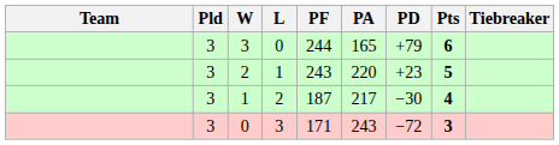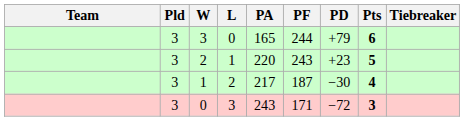 <table class="wikitable" style="text-align:center;">
 <tr>
 <th width=170>Team</th>
 <th width=25>Pld</th>
 <th width=25>W</th>
 <th width=25>L</th>
+<th width=35>PA</th>
 <th width=35>PF</th>
-<th width=35>PA</th>
 <th width=35>PD</th>
 <th width=25>Pts</th>
 <th width=50>Tiebreaker</th>
 </tr>
 <tr bgcolor=ccffcc>
 <td align="left"></td>
 <td>3</td>
 <td>3</td>
 <td>0</td>
+<td>165</td>
 <td>244</td>
-<td>165</td>
 <td>+79</td>
 <td><strong>6</strong></td>
 <td></td>
 </tr>
 <tr bgcolor=ccffcc>
 <td align="left"></td>
 <td>3</td>
 <td>2</td>
 <td>1</td>
+<td>220</td>
 <td>243</td>
-<td>220</td>
 <td>+23</td>
 <td><strong>5</strong></td>
 <td></td>
 </tr>
 <tr bgcolor=ccffcc>
 <td align="left"></td>
 <td>3</td>
 <td>1</td>
 <td>2</td>
+<td>217</td>
 <td>187</td>
-<td>217</td>
 <td>−30</td>
 <td><strong>4</strong></td>
 <td></td>
 </tr>
 <tr bgcolor=ffcccc>
 <td align="left"></td>
 <td>3</td>
 <td>0</td>
 <td>3</td>
+<td>243</td>
 <td>171</td>
-<td>243</td>
 <td>−72</td>
 <td><strong>3</strong></td>
 <td></td>
 </tr>
 </table>
